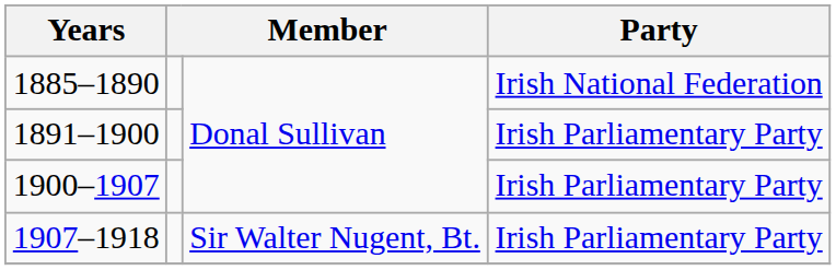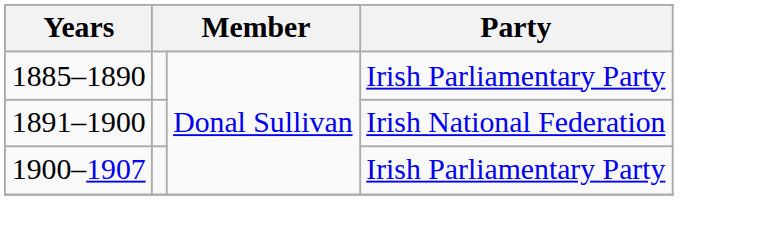 <table class="wikitable">
 <tr>
 <th>Years</th>
 <th colspan="2">Member</th>
 <th>Party</th>
 </tr>
 <tr>
 <td>1885–1890</td>
 <td style="color:inherit;background-color: "></td>
 <td rowspan="3"><a href='#'>Donal Sullivan</a></td>
-<td><a href='#'>Irish National Federation</a></td>
+<td><a href='#'>Irish Parliamentary Party</a></td>
 </tr>
 <tr>
 <td>1891–1900</td>
 <td style="color:inherit;background-color: "></td>
-<td><a href='#'>Irish Parliamentary Party</a></td>
+<td><a href='#'>Irish National Federation</a></td>
 </tr>
 <tr>
 <td>1900–<a href='#'>1907</a></td>
 <td style="color:inherit;background-color: "></td>
 <td><a href='#'>Irish Parliamentary Party</a></td>
 </tr>
 <tr>
-<td><a href='#'>1907</a>–1918</td>
-<td style="color:inherit;background-color: "></td>
-<td><a href='#'>Sir Walter Nugent, Bt.</a></td>
-<td><a href='#'>Irish Parliamentary Party</a></td>
-</tr>
-<tr>
 </tr>
 </table>
